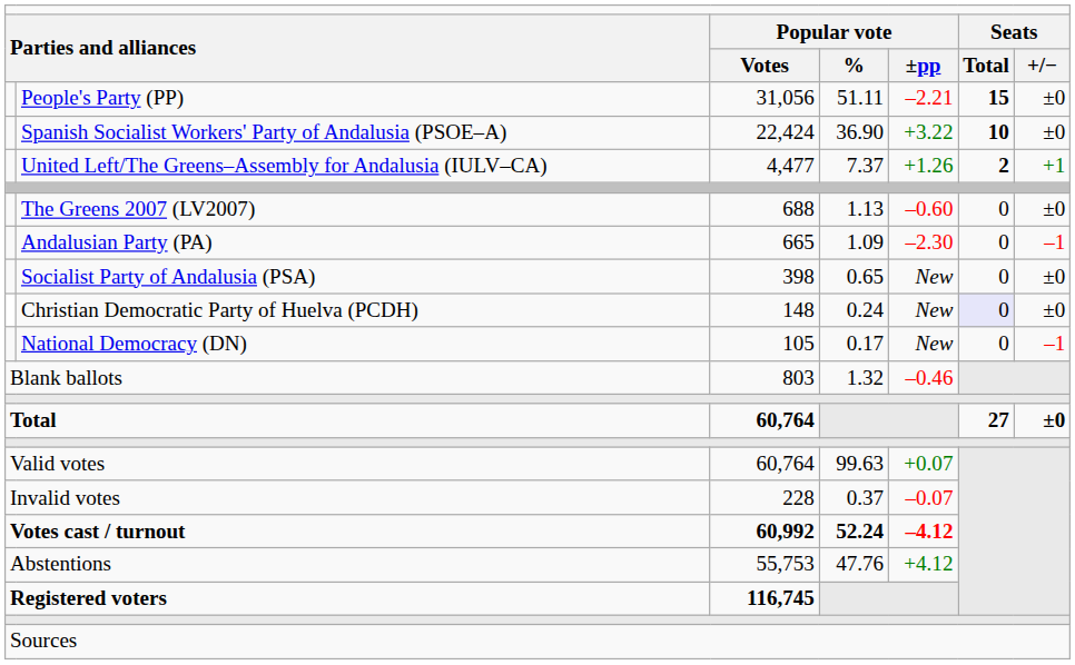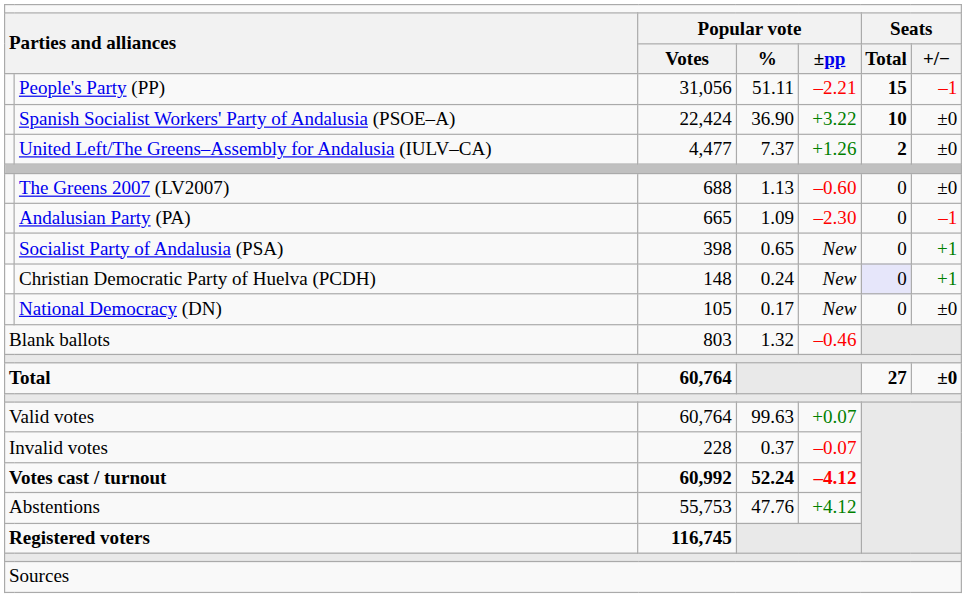 <table class="wikitable" style="text-align:right;">
 <tr>
 <td colspan="7"></td>
 </tr>
 <tr>
 <th style="text-align:left;" rowspan="2" colspan="2" width="525">Parties and alliances</th>
 <th colspan="3">Popular vote</th>
 <th colspan="2">Seats</th>
 </tr>
 <tr>
 <th width="75">Votes</th>
 <th width="45">%</th>
 <th width="45">±<a href='#'>pp</a></th>
 <th width="35">Total</th>
 <th width="35">+/−</th>
 </tr>
 <tr>
 <td width="1" style="color:inherit;background:"></td>
 <td align="left"><a href='#'>People's Party</a> (PP)</td>
 <td>31,056</td>
 <td>51.11</td>
 <td style="color:red;">–2.21</td>
 <td><strong>15</strong></td>
-<td>±0</td>
+<td style="color:red;">–1</td>
 </tr>
 <tr>
 <td style="color:inherit;background:"></td>
 <td align="left"><a href='#'>Spanish Socialist Workers' Party of Andalusia</a> (PSOE–A)</td>
 <td>22,424</td>
 <td>36.90</td>
 <td style="color:green;">+3.22</td>
 <td><strong>10</strong></td>
 <td>±0</td>
 </tr>
 <tr>
 <td style="color:inherit;background:"></td>
 <td align="left"><a href='#'>United Left/The Greens–Assembly for Andalusia</a> (IULV–CA)</td>
 <td>4,477</td>
 <td>7.37</td>
 <td style="color:green;">+1.26</td>
 <td><strong>2</strong></td>
-<td style="color:green;">+1</td>
+<td>±0</td>
 </tr>
 <tr>
 <td colspan="7" bgcolor="#C0C0C0"></td>
 </tr>
 <tr>
 <td style="color:inherit;background:"></td>
 <td align="left"><a href='#'>The Greens 2007</a> (LV2007)</td>
 <td>688</td>
 <td>1.13</td>
 <td style="color:red;">–0.60</td>
 <td>0</td>
 <td>±0</td>
 </tr>
 <tr>
 <td style="color:inherit;background:"></td>
 <td align="left"><a href='#'>Andalusian Party</a> (PA)</td>
 <td>665</td>
 <td>1.09</td>
 <td style="color:red;">–2.30</td>
 <td>0</td>
 <td style="color:red;">–1</td>
 </tr>
 <tr>
 <td style="color:inherit;background:"></td>
 <td align="left"><a href='#'>Socialist Party of Andalusia</a> (PSA)</td>
 <td>398</td>
 <td>0.65</td>
 <td><em>New</em></td>
 <td>0</td>
-<td>±0</td>
+<td style="color:green;">+1</td>
 </tr>
 <tr>
 <td bgcolor="white"></td>
 <td align="left">Christian Democratic Party of Huelva (PCDH)</td>
 <td>148</td>
 <td>0.24</td>
 <td><em>New</em></td>
 <td style="background: lavender;">0</td>
-<td>±0</td>
+<td style="color:green;">+1</td>
 </tr>
 <tr>
 <td style="color:inherit;background:"></td>
 <td align="left"><a href='#'>National Democracy</a> (DN)</td>
 <td>105</td>
 <td>0.17</td>
 <td><em>New</em></td>
 <td>0</td>
-<td style="color:red;">–1</td>
+<td>±0</td>
 </tr>
 <tr>
 <td align="left" colspan="2">Blank ballots</td>
 <td>803</td>
 <td>1.32</td>
 <td style="color:red;">–0.46</td>
 <td bgcolor="#E9E9E9" colspan="2"></td>
 </tr>
 <tr>
 <td colspan="7" bgcolor="#E9E9E9"></td>
 </tr>
 <tr style="font-weight:bold;">
 <td align="left" colspan="2">Total</td>
 <td>60,764</td>
 <td bgcolor="#E9E9E9" colspan="2"></td>
 <td>27</td>
 <td>±0</td>
 </tr>
 <tr>
 <td colspan="7" bgcolor="#E9E9E9"></td>
 </tr>
 <tr>
 <td align="left" colspan="2">Valid votes</td>
 <td>60,764</td>
 <td>99.63</td>
 <td style="color:green;">+0.07</td>
 <td bgcolor="#E9E9E9" colspan="2" rowspan="5"></td>
 </tr>
 <tr>
 <td align="left" colspan="2">Invalid votes</td>
 <td>228</td>
 <td>0.37</td>
 <td style="color:red;">–0.07</td>
 </tr>
 <tr style="font-weight:bold;">
 <td align="left" colspan="2">Votes cast / turnout</td>
 <td>60,992</td>
 <td>52.24</td>
 <td style="color:red;">–4.12</td>
 </tr>
 <tr>
 <td align="left" colspan="2">Abstentions</td>
 <td>55,753</td>
 <td>47.76</td>
 <td style="color:green;">+4.12</td>
 </tr>
 <tr style="font-weight:bold;">
 <td align="left" colspan="2">Registered voters</td>
 <td>116,745</td>
 <td bgcolor="#E9E9E9" colspan="2"></td>
 </tr>
 <tr>
 <td colspan="7" bgcolor="#E9E9E9"></td>
 </tr>
 <tr>
 <td align="left" colspan="7">Sources</td>
 </tr>
 </table>
